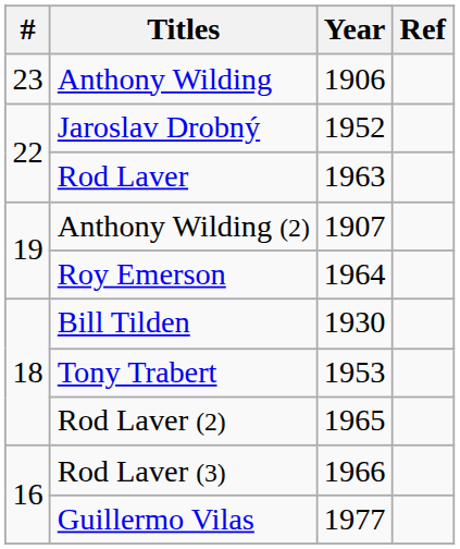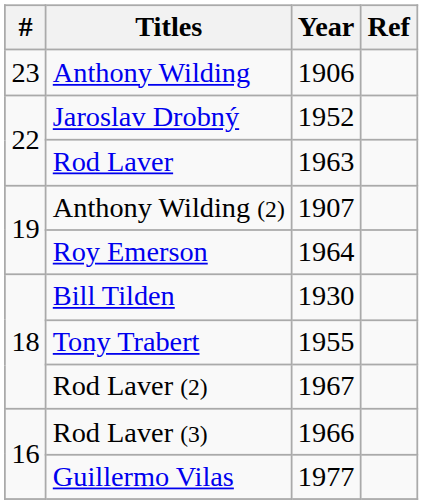 <table class=wikitable style="display:inline-table;">
 <tr>
 <th>#</th>
 <th>Titles</th>
 <th>Year</th>
 <th>Ref</th>
 </tr>
 <tr>
 <td>23</td>
 <td> <a href='#'>Anthony Wilding</a></td>
 <td>1906</td>
 <td></td>
 </tr>
 <tr>
 <td rowspan="2">22</td>
 <td> <a href='#'>Jaroslav Drobný</a></td>
 <td>1952</td>
 <td></td>
 </tr>
 <tr>
 <td> <a href='#'>Rod Laver</a></td>
 <td>1963</td>
 <td></td>
 </tr>
 <tr>
 <td rowspan="2">19</td>
 <td> Anthony Wilding <small>(2)</small></td>
 <td>1907</td>
 <td></td>
 </tr>
 <tr>
 <td> <a href='#'>Roy Emerson</a></td>
 <td>1964</td>
 <td></td>
 </tr>
 <tr>
 <td rowspan="3">18</td>
 <td> <a href='#'>Bill Tilden</a></td>
 <td>1930</td>
 <td></td>
 </tr>
 <tr>
 <td> <a href='#'>Tony Trabert</a></td>
-<td>1953</td>
+<td>1955</td>
 <td></td>
 </tr>
 <tr>
 <td> Rod Laver <small>(2)</small></td>
-<td>1965</td>
+<td>1967</td>
 <td></td>
 </tr>
 <tr>
 <td rowspan="2">16</td>
 <td> Rod Laver <small>(3)</small></td>
 <td>1966</td>
 <td></td>
 </tr>
 <tr>
 <td> <a href='#'>Guillermo Vilas</a></td>
 <td>1977</td>
 </tr>
 </table>
